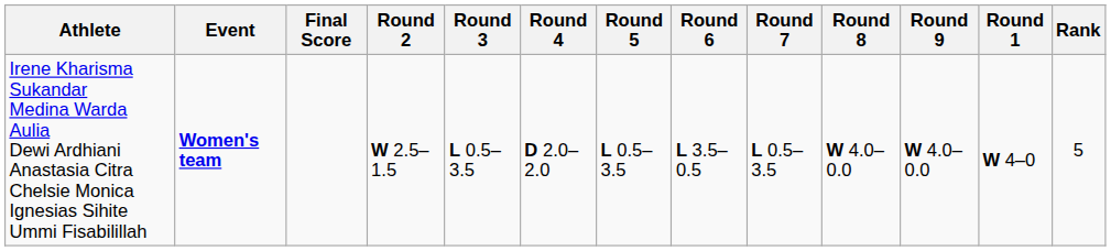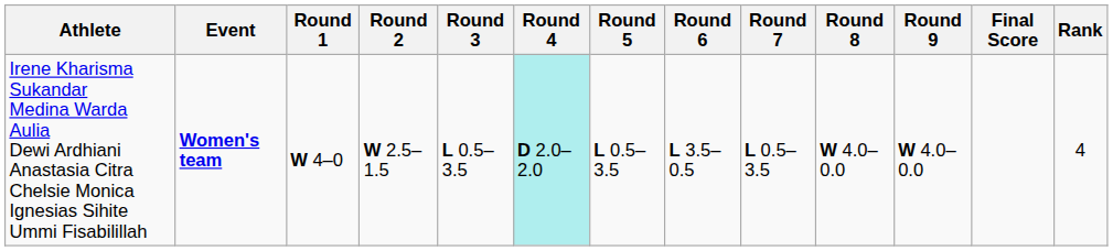 <table class=wikitable style="font-size:90%">
 <tr>
 <th>Athlete</th>
 <th>Event</th>
-<th>Final Score</th>
+<th>Round 1</th>
 <th>Round 2</th>
 <th>Round 3</th>
 <th>Round 4</th>
 <th>Round 5</th>
 <th>Round 6</th>
 <th>Round 7</th>
 <th>Round 8</th>
 <th>Round 9</th>
-<th>Round 1</th>
+<th>Final Score</th>
 <th>Rank</th>
 </tr>
 <tr>
 <td><a href='#'>Irene Kharisma Sukandar</a><br><a href='#'>Medina Warda Aulia</a><br>Dewi Ardhiani Anastasia Citra<br>Chelsie Monica Ignesias Sihite<br>Ummi Fisabilillah<br></td>
 <td><strong><a href='#'>Women's team</a></strong></td>
-<td></td>
+<td> <br><strong>W</strong> 4–0</td>
 <td> <br><strong>W</strong> 2.5–1.5</td>
 <td> <br><strong>L</strong> 0.5–3.5</td>
-<td> <br><strong>D</strong> 2.0–2.0</td>
+<td style="background: paleturquoise;"> <br><strong>D</strong> 2.0–2.0</td>
 <td> <br><strong>L</strong> 0.5–3.5</td>
 <td> <br><strong>L</strong> 3.5–0.5</td>
 <td> <br><strong>L</strong> 0.5–3.5</td>
 <td> <br><strong>W</strong> 4.0–0.0</td>
 <td> <br><strong>W</strong> 4.0–0.0</td>
-<td> <br><strong>W</strong> 4–0</td>
-<td align=center>5</td>
+<td></td>
+<td align=center>4</td>
 </tr>
 </table>
